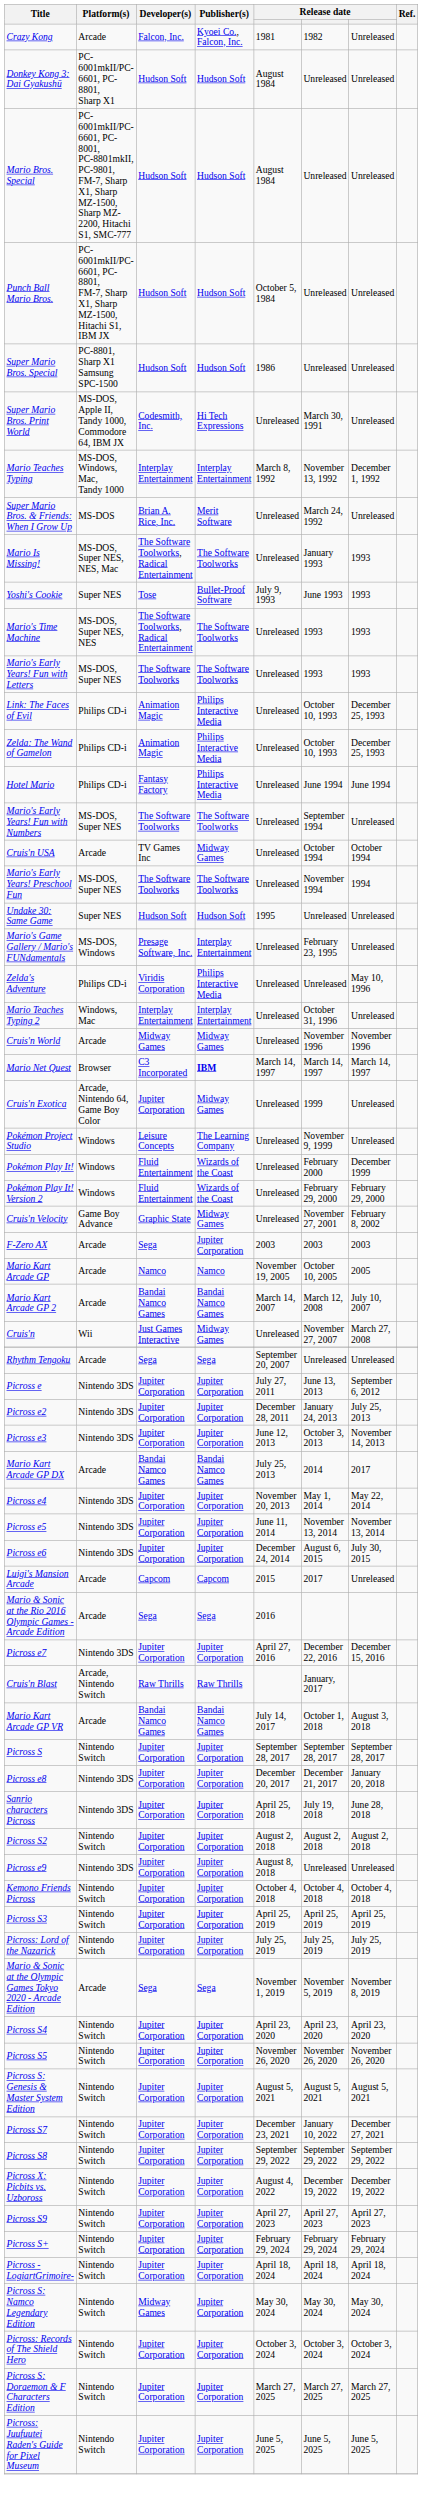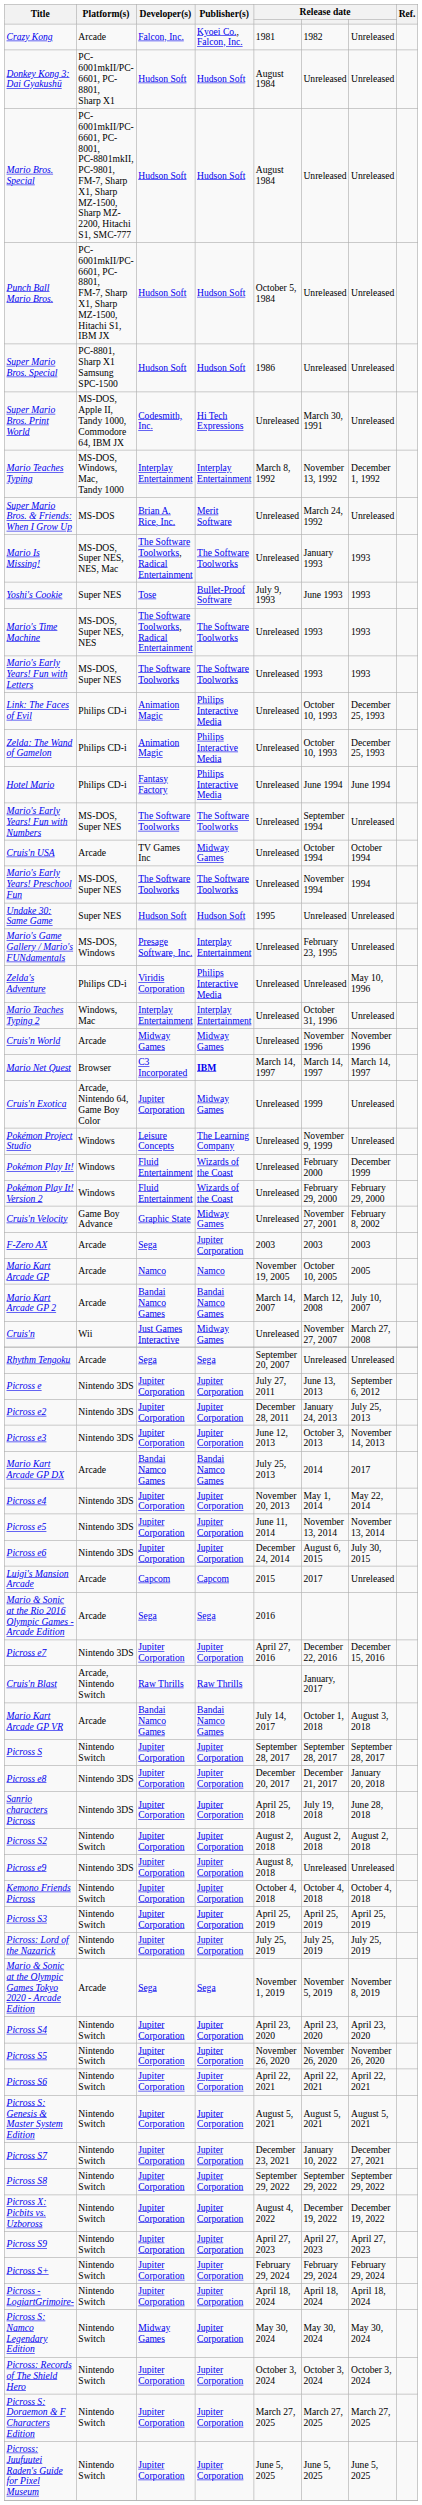 <table class="wikitable plainrowheaders sortable">
 <tr>
 <th rowspan="2">Title</th>
 <th rowspan="2">Platform(s)</th>
 <th rowspan="2">Developer(s)</th>
 <th rowspan="2">Publisher(s)</th>
 <th colspan="3">Release date</th>
 <th rowspan="2" class="unsortable">Ref.</th>
 </tr>
 <tr>
 <th data-sort-type="date"></th>
 <th data-sort-type="date"></th>
 <th data-sort-type="date"></th>
 </tr>
 <tr>
 <td><em><a href='#'>Crazy Kong</a></em></td>
 <td>Arcade</td>
 <td><a href='#'>Falcon, Inc.</a></td>
 <td><a href='#'>Kyoei Co.</a>, <a href='#'>Falcon, Inc.</a></td>
 <td>1981</td>
 <td>1982</td>
 <td>Unreleased</td>
 <td></td>
 </tr>
 <tr>
 <td><em><a href='#'>Donkey Kong 3: Dai Gyakushū</a></em></td>
 <td>PC-6001mkII/PC-6601, PC-8801,<br>Sharp X1</td>
 <td><a href='#'>Hudson Soft</a></td>
 <td><a href='#'>Hudson Soft</a></td>
 <td>August 1984</td>
 <td>Unreleased</td>
 <td>Unreleased</td>
 <td></td>
 </tr>
 <tr>
 <td><em><a href='#'>Mario Bros. Special</a></em></td>
 <td>PC-6001mkII/PC-6601, PC-8001,<br>PC-8801mkII,  PC-9801, FM-7, Sharp X1,  Sharp MZ-1500, Sharp MZ-2200, Hitachi S1, SMC-777</td>
 <td><a href='#'>Hudson Soft</a></td>
 <td><a href='#'>Hudson Soft</a></td>
 <td>August 1984</td>
 <td>Unreleased</td>
 <td>Unreleased</td>
 <td></td>
 </tr>
 <tr>
 <td><em><a href='#'>Punch Ball Mario Bros.</a></em></td>
 <td>PC-6001mkII/PC-6601, PC-8801,<br>FM-7, Sharp X1, Sharp MZ-1500,  Hitachi S1, IBM JX</td>
 <td><a href='#'>Hudson Soft</a></td>
 <td><a href='#'>Hudson Soft</a></td>
 <td>October 5, 1984</td>
 <td>Unreleased</td>
 <td>Unreleased</td>
 <td></td>
 </tr>
 <tr>
 <td><em><a href='#'>Super Mario Bros. Special</a></em></td>
 <td>PC-8801, Sharp X1<br>Samsung SPC-1500</td>
 <td><a href='#'>Hudson Soft</a></td>
 <td><a href='#'>Hudson Soft</a></td>
 <td>1986</td>
 <td>Unreleased</td>
 <td>Unreleased</td>
 <td></td>
 </tr>
 <tr>
 <td><em><a href='#'>Super Mario Bros. Print World</a></em></td>
 <td>MS-DOS, Apple II, Tandy 1000,<br>Commodore 64, IBM JX</td>
 <td><a href='#'>Codesmith, Inc.</a></td>
 <td><a href='#'>Hi Tech Expressions</a></td>
 <td>Unreleased</td>
 <td>March 30, 1991</td>
 <td>Unreleased</td>
 <td></td>
 </tr>
 <tr>
 <td><em><a href='#'>Mario Teaches Typing</a></em></td>
 <td>MS-DOS, Windows, Mac,<br>Tandy 1000</td>
 <td><a href='#'>Interplay Entertainment</a></td>
 <td><a href='#'>Interplay Entertainment</a></td>
 <td>March 8, 1992</td>
 <td>November 13, 1992</td>
 <td>December 1, 1992</td>
 <td></td>
 </tr>
 <tr>
 <td><em><a href='#'>Super Mario Bros. & Friends: When I Grow Up</a></em></td>
 <td>MS-DOS</td>
 <td><a href='#'>Brian A. Rice, Inc.</a></td>
 <td><a href='#'>Merit Software</a></td>
 <td>Unreleased</td>
 <td>March 24, 1992</td>
 <td>Unreleased</td>
 <td></td>
 </tr>
 <tr>
 <td><em><a href='#'>Mario Is Missing!</a></em></td>
 <td>MS-DOS, Super NES, NES, Mac</td>
 <td><a href='#'>The Software Toolworks</a>, <a href='#'>Radical Entertainment</a></td>
 <td><a href='#'>The Software Toolworks</a></td>
 <td>Unreleased</td>
 <td>January 1993</td>
 <td>1993</td>
 <td></td>
 </tr>
 <tr>
 <td><em><a href='#'>Yoshi's Cookie</a></em></td>
 <td>Super NES</td>
 <td><a href='#'>Tose</a></td>
 <td><a href='#'>Bullet-Proof Software</a></td>
 <td>July 9, 1993</td>
 <td>June 1993</td>
 <td>1993</td>
 <td></td>
 </tr>
 <tr>
 <td><em><a href='#'>Mario's Time Machine</a></em></td>
 <td>MS-DOS, Super NES, NES</td>
 <td><a href='#'>The Software Toolworks</a>, <a href='#'>Radical Entertainment</a></td>
 <td><a href='#'>The Software Toolworks</a></td>
 <td>Unreleased</td>
 <td>1993</td>
 <td>1993</td>
 <td></td>
 </tr>
 <tr>
 <td><em><a href='#'>Mario's Early Years! Fun with Letters</a></em></td>
 <td>MS-DOS, Super NES</td>
 <td><a href='#'>The Software Toolworks</a></td>
 <td><a href='#'>The Software Toolworks</a></td>
 <td>Unreleased</td>
 <td>1993</td>
 <td>1993</td>
 <td></td>
 </tr>
 <tr>
 <td><a href='#'><em>Link: The Faces of Evil</em></a></td>
 <td>Philips CD-i</td>
 <td><a href='#'>Animation Magic</a></td>
 <td><a href='#'>Philips Interactive Media</a></td>
 <td>Unreleased</td>
 <td>October 10, 1993</td>
 <td>December 25, 1993</td>
 <td></td>
 </tr>
 <tr>
 <td><a href='#'><em>Zelda: The Wand of Gamelon</em></a></td>
 <td>Philips CD-i</td>
 <td><a href='#'>Animation Magic</a></td>
 <td><a href='#'>Philips Interactive Media</a></td>
 <td>Unreleased</td>
 <td>October 10, 1993</td>
 <td>December 25, 1993</td>
 <td></td>
 </tr>
 <tr>
 <td><em><a href='#'>Hotel Mario</a></em></td>
 <td>Philips CD-i</td>
 <td><a href='#'>Fantasy Factory</a></td>
 <td><a href='#'>Philips Interactive Media</a></td>
 <td>Unreleased</td>
 <td>June 1994</td>
 <td>June 1994</td>
 <td></td>
 </tr>
 <tr>
 <td><em><a href='#'>Mario's Early Years! Fun with Numbers</a></em></td>
 <td>MS-DOS, Super NES</td>
 <td><a href='#'>The Software Toolworks</a></td>
 <td><a href='#'>The Software Toolworks</a></td>
 <td>Unreleased</td>
 <td>September 1994</td>
 <td>Unreleased</td>
 <td></td>
 </tr>
 <tr>
 <td><em><a href='#'>Cruis'n USA</a></em></td>
 <td>Arcade</td>
 <td>TV Games Inc</td>
 <td><a href='#'>Midway Games</a></td>
 <td>Unreleased</td>
 <td>October 1994</td>
 <td>October 1994</td>
 <td></td>
 </tr>
 <tr>
 <td><em><a href='#'>Mario's Early Years! Preschool Fun</a></em></td>
 <td>MS-DOS, Super NES</td>
 <td><a href='#'>The Software Toolworks</a></td>
 <td><a href='#'>The Software Toolworks</a></td>
 <td>Unreleased</td>
 <td>November 1994</td>
 <td>1994</td>
 <td></td>
 </tr>
 <tr>
 <td><em><a href='#'>Undake 30: Same Game</a></em></td>
 <td>Super NES</td>
 <td><a href='#'>Hudson Soft</a></td>
 <td><a href='#'>Hudson Soft</a></td>
 <td>1995</td>
 <td>Unreleased</td>
 <td>Unreleased</td>
 <td></td>
 </tr>
 <tr>
 <td><a href='#'><em>Mario's Game Gallery / Mario's FUNdamentals</em></a></td>
 <td>MS-DOS, Windows</td>
 <td><a href='#'>Presage Software, Inc.</a></td>
 <td><a href='#'>Interplay Entertainment</a></td>
 <td>Unreleased</td>
 <td>February 23, 1995</td>
 <td>Unreleased</td>
 <td></td>
 </tr>
 <tr>
 <td><em><a href='#'>Zelda's Adventure</a></em></td>
 <td>Philips CD-i</td>
 <td><a href='#'>Viridis Corporation</a></td>
 <td><a href='#'>Philips Interactive Media</a></td>
 <td>Unreleased</td>
 <td>Unreleased</td>
 <td>May 10, 1996</td>
 <td></td>
 </tr>
 <tr>
 <td><em><a href='#'>Mario Teaches Typing 2</a></em></td>
 <td>Windows, Mac</td>
 <td><a href='#'>Interplay Entertainment</a></td>
 <td><a href='#'>Interplay Entertainment</a></td>
 <td>Unreleased</td>
 <td>October 31, 1996</td>
 <td>Unreleased</td>
 <td></td>
 </tr>
 <tr>
 <td><em><a href='#'>Cruis'n World</a></em></td>
 <td>Arcade</td>
 <td><a href='#'>Midway Games</a></td>
 <td><a href='#'>Midway Games</a></td>
 <td>Unreleased</td>
 <td>November 1996</td>
 <td>November 1996</td>
 <td></td>
 </tr>
 <tr>
 <td><em><a href='#'>Mario Net Quest</a></em></td>
 <td>Browser</td>
 <td><a href='#'>C3 Incorporated</a></td>
 <td><strong><a href='#'>IBM</a></strong></td>
 <td>March 14, 1997</td>
 <td>March 14, 1997</td>
 <td>March 14, 1997</td>
 <td></td>
 </tr>
 <tr>
 <td><em><a href='#'>Cruis'n Exotica</a></em></td>
 <td>Arcade, Nintendo 64, Game Boy Color</td>
 <td><a href='#'>Jupiter Corporation</a></td>
 <td><a href='#'>Midway Games</a></td>
 <td>Unreleased</td>
 <td>1999</td>
 <td>Unreleased</td>
 <td></td>
 </tr>
 <tr>
 <td><em><a href='#'>Pokémon Project Studio</a></em></td>
 <td>Windows</td>
 <td><a href='#'>Leisure Concepts</a></td>
 <td><a href='#'>The Learning Company</a></td>
 <td>Unreleased</td>
 <td>November 9, 1999</td>
 <td>Unreleased</td>
 <td></td>
 </tr>
 <tr>
 <td><em><a href='#'>Pokémon Play It!</a></em></td>
 <td>Windows</td>
 <td><a href='#'>Fluid Entertainment</a></td>
 <td><a href='#'>Wizards of the Coast</a></td>
 <td>Unreleased</td>
 <td>February 2000</td>
 <td>December 1999</td>
 <td></td>
 </tr>
 <tr>
 <td><a href='#'><em>Pokémon Play It! Version 2</em></a></td>
 <td>Windows</td>
 <td><a href='#'>Fluid Entertainment</a></td>
 <td><a href='#'>Wizards of the Coast</a></td>
 <td>Unreleased</td>
 <td>February 29, 2000</td>
 <td>February 29, 2000</td>
 <td></td>
 </tr>
 <tr>
 <td><em><a href='#'>Cruis'n Velocity</a></em></td>
 <td>Game Boy Advance</td>
 <td><a href='#'>Graphic State</a></td>
 <td><a href='#'>Midway Games</a></td>
 <td>Unreleased</td>
 <td>November 27, 2001</td>
 <td>February 8, 2002</td>
 <td></td>
 </tr>
 <tr>
 <td><em><a href='#'>F-Zero AX</a></em></td>
 <td>Arcade</td>
 <td><a href='#'>Sega</a></td>
 <td><a href='#'>Jupiter Corporation</a></td>
 <td>2003</td>
 <td>2003</td>
 <td>2003</td>
 <td></td>
 </tr>
 <tr>
 <td><em><a href='#'>Mario Kart Arcade GP</a></em></td>
 <td>Arcade</td>
 <td><a href='#'>Namco</a></td>
 <td><a href='#'>Namco</a></td>
 <td>November 19, 2005</td>
 <td>October 10, 2005</td>
 <td>2005</td>
 <td></td>
 </tr>
 <tr>
 <td><a href='#'><em>Mario Kart Arcade GP 2</em></a></td>
 <td>Arcade</td>
 <td><a href='#'>Bandai Namco Games</a></td>
 <td><a href='#'>Bandai Namco Games</a></td>
 <td>March 14, 2007</td>
 <td>March 12, 2008</td>
 <td>July 10, 2007</td>
 <td></td>
 </tr>
 <tr>
 <td><a href='#'><em>Cruis'n</em></a></td>
 <td>Wii</td>
 <td><a href='#'>Just Games Interactive</a></td>
 <td><a href='#'>Midway Games</a></td>
 <td>Unreleased</td>
 <td>November 27, 2007</td>
 <td>March 27, 2008</td>
 <td></td>
 </tr>
 <tr>
 </tr>
 <tr>
 <td><em><a href='#'>Rhythm Tengoku</a></em></td>
 <td>Arcade</td>
 <td><a href='#'>Sega</a></td>
 <td><a href='#'>Sega</a></td>
 <td>September 20, 2007</td>
 <td>Unreleased</td>
 <td>Unreleased</td>
 <td></td>
 </tr>
 <tr>
 <td><em><a href='#'>Picross e</a></em></td>
 <td>Nintendo 3DS</td>
 <td><a href='#'>Jupiter Corporation</a></td>
 <td><a href='#'>Jupiter Corporation</a></td>
 <td>July 27, 2011</td>
 <td>June 13, 2013</td>
 <td>September 6, 2012</td>
 <td></td>
 </tr>
 <tr>
 <td><em><a href='#'>Picross e2</a></em></td>
 <td>Nintendo 3DS</td>
 <td><a href='#'>Jupiter Corporation</a></td>
 <td><a href='#'>Jupiter Corporation</a></td>
 <td>December 28, 2011</td>
 <td>January 24, 2013</td>
 <td>July 25, 2013</td>
 <td></td>
 </tr>
 <tr>
 <td><em><a href='#'>Picross e3</a></em></td>
 <td>Nintendo 3DS</td>
 <td><a href='#'>Jupiter Corporation</a></td>
 <td><a href='#'>Jupiter Corporation</a></td>
 <td>June 12, 2013</td>
 <td>October 3, 2013</td>
 <td>November 14, 2013</td>
 <td></td>
 </tr>
 <tr>
 <td><a href='#'><em>Mario Kart Arcade GP DX</em></a></td>
 <td>Arcade</td>
 <td><a href='#'>Bandai Namco Games</a></td>
 <td><a href='#'>Bandai Namco Games</a></td>
 <td>July 25, 2013</td>
 <td>2014</td>
 <td>2017</td>
 <td></td>
 </tr>
 <tr>
 <td><em><a href='#'>Picross e4</a></em></td>
 <td>Nintendo 3DS</td>
 <td><a href='#'>Jupiter Corporation</a></td>
 <td><a href='#'>Jupiter Corporation</a></td>
 <td>November 20, 2013</td>
 <td>May 1, 2014</td>
 <td>May 22, 2014</td>
 <td></td>
 </tr>
 <tr>
 <td><em><a href='#'>Picross e5</a></em></td>
 <td>Nintendo 3DS</td>
 <td><a href='#'>Jupiter Corporation</a></td>
 <td><a href='#'>Jupiter Corporation</a></td>
 <td>June 11, 2014</td>
 <td>November 13, 2014</td>
 <td>November 13, 2014</td>
 <td></td>
 </tr>
 <tr>
 <td><em><a href='#'>Picross e6</a></em></td>
 <td>Nintendo 3DS</td>
 <td><a href='#'>Jupiter Corporation</a></td>
 <td><a href='#'>Jupiter Corporation</a></td>
 <td>December 24, 2014</td>
 <td>August 6, 2015</td>
 <td>July 30, 2015</td>
 <td></td>
 </tr>
 <tr>
 <td><em><a href='#'>Luigi's Mansion Arcade</a></em></td>
 <td>Arcade</td>
 <td><a href='#'>Capcom</a></td>
 <td><a href='#'>Capcom</a></td>
 <td>2015</td>
 <td>2017</td>
 <td>Unreleased</td>
 <td></td>
 </tr>
 <tr>
 <td><a href='#'><em>Mario & Sonic at the Rio 2016 Olympic Games - Arcade Edition</em></a></td>
 <td>Arcade</td>
 <td><a href='#'>Sega</a></td>
 <td><a href='#'>Sega</a></td>
 <td>2016</td>
 <td></td>
 <td></td>
 <td></td>
 </tr>
 <tr>
 <td><em><a href='#'>Picross e7</a></em></td>
 <td>Nintendo 3DS</td>
 <td><a href='#'>Jupiter Corporation</a></td>
 <td><a href='#'>Jupiter Corporation</a></td>
 <td>April 27, 2016</td>
 <td>December 22, 2016</td>
 <td>December 15, 2016</td>
 <td></td>
 </tr>
 <tr>
 <td><em><a href='#'>Cruis'n Blast</a></em></td>
 <td>Arcade, Nintendo Switch</td>
 <td><a href='#'>Raw Thrills</a></td>
 <td><a href='#'>Raw Thrills</a></td>
 <td></td>
 <td>January, 2017</td>
 <td></td>
 <td></td>
 </tr>
 <tr>
 <td><a href='#'><em>Mario Kart Arcade GP VR</em></a></td>
 <td>Arcade</td>
 <td><a href='#'>Bandai Namco Games</a></td>
 <td><a href='#'>Bandai Namco Games</a></td>
 <td>July 14, 2017</td>
 <td>October 1, 2018</td>
 <td>August 3, 2018</td>
 <td></td>
 </tr>
 <tr>
 <td><em><a href='#'>Picross S</a></em></td>
 <td>Nintendo Switch</td>
 <td><a href='#'>Jupiter Corporation</a></td>
 <td><a href='#'>Jupiter Corporation</a></td>
 <td>September 28, 2017</td>
 <td>September 28, 2017</td>
 <td>September 28, 2017</td>
 <td></td>
 </tr>
 <tr>
 <td><em><a href='#'>Picross e8</a></em></td>
 <td>Nintendo 3DS</td>
 <td><a href='#'>Jupiter Corporation</a></td>
 <td><a href='#'>Jupiter Corporation</a></td>
 <td>December 20, 2017</td>
 <td>December 21, 2017</td>
 <td>January 20, 2018</td>
 <td></td>
 </tr>
 <tr>
 <td><em><a href='#'>Sanrio characters Picross</a></em></td>
 <td>Nintendo 3DS</td>
 <td><a href='#'>Jupiter Corporation</a></td>
 <td><a href='#'>Jupiter Corporation</a></td>
 <td>April 25, 2018</td>
 <td>July 19, 2018</td>
 <td>June 28, 2018</td>
 <td></td>
 </tr>
 <tr>
 <td><em><a href='#'>Picross S2</a></em></td>
 <td>Nintendo Switch</td>
 <td><a href='#'>Jupiter Corporation</a></td>
 <td><a href='#'>Jupiter Corporation</a></td>
 <td>August 2, 2018</td>
 <td>August 2, 2018</td>
 <td>August 2, 2018</td>
 <td></td>
 </tr>
 <tr>
 <td><em><a href='#'>Picross e9</a></em></td>
 <td>Nintendo 3DS</td>
 <td><a href='#'>Jupiter Corporation</a></td>
 <td><a href='#'>Jupiter Corporation</a></td>
 <td>August 8, 2018</td>
 <td>Unreleased</td>
 <td>Unreleased</td>
 <td></td>
 </tr>
 <tr>
 <td><em><a href='#'>Kemono Friends Picross</a></em></td>
 <td>Nintendo Switch</td>
 <td><a href='#'>Jupiter Corporation</a></td>
 <td><a href='#'>Jupiter Corporation</a></td>
 <td>October 4, 2018</td>
 <td>October 4, 2018</td>
 <td>October 4, 2018</td>
 <td></td>
 </tr>
 <tr>
 <td><em><a href='#'>Picross S3</a></em></td>
 <td>Nintendo Switch</td>
 <td><a href='#'>Jupiter Corporation</a></td>
 <td><a href='#'>Jupiter Corporation</a></td>
 <td>April 25, 2019</td>
 <td>April 25, 2019</td>
 <td>April 25, 2019</td>
 <td></td>
 </tr>
 <tr>
 <td><em><a href='#'>Picross: Lord of the Nazarick</a></em></td>
 <td>Nintendo Switch</td>
 <td><a href='#'>Jupiter Corporation</a></td>
 <td><a href='#'>Jupiter Corporation</a></td>
 <td>July 25, 2019</td>
 <td>July 25, 2019</td>
 <td>July 25, 2019</td>
 <td></td>
 </tr>
 <tr>
 <td><a href='#'><em>Mario & Sonic at the Olympic Games Tokyo 2020 - Arcade Edition</em></a></td>
 <td>Arcade</td>
 <td><a href='#'>Sega</a></td>
 <td><a href='#'>Sega</a></td>
 <td>November 1, 2019</td>
 <td>November 5, 2019</td>
 <td>November 8, 2019</td>
 <td></td>
 </tr>
 <tr>
 <td><em><a href='#'>Picross S4</a></em></td>
 <td>Nintendo Switch</td>
 <td><a href='#'>Jupiter Corporation</a></td>
 <td><a href='#'>Jupiter Corporation</a></td>
 <td>April 23, 2020</td>
 <td>April 23, 2020</td>
 <td>April 23, 2020</td>
 <td></td>
 </tr>
 <tr>
 <td><em><a href='#'>Picross S5</a></em></td>
 <td>Nintendo Switch</td>
 <td><a href='#'>Jupiter Corporation</a></td>
 <td><a href='#'>Jupiter Corporation</a></td>
 <td>November 26, 2020</td>
 <td>November 26, 2020</td>
 <td>November 26, 2020</td>
 <td></td>
 </tr>
 <tr>
+<td><em><a href='#'>Picross S6</a></em></td>
+<td>Nintendo Switch</td>
+<td><a href='#'>Jupiter Corporation</a></td>
+<td><a href='#'>Jupiter Corporation</a></td>
+<td>April 22, 2021</td>
+<td>April 22, 2021</td>
+<td>April 22, 2021</td>
+<td></td>
+</tr>
+<tr>
 <td><em><a href='#'>Picross S: Genesis & Master System Edition</a></em></td>
 <td>Nintendo Switch</td>
 <td><a href='#'>Jupiter Corporation</a></td>
 <td><a href='#'>Jupiter Corporation</a></td>
 <td>August 5, 2021</td>
 <td>August 5, 2021</td>
 <td>August 5, 2021</td>
 <td></td>
 </tr>
 <tr>
 <td><em><a href='#'>Picross S7</a></em></td>
 <td>Nintendo Switch</td>
 <td><a href='#'>Jupiter Corporation</a></td>
 <td><a href='#'>Jupiter Corporation</a></td>
 <td>December 23, 2021</td>
 <td>January 10, 2022</td>
 <td>December 27, 2021</td>
 <td></td>
 </tr>
 <tr>
 <td><em><a href='#'>Picross S8</a></em></td>
 <td>Nintendo Switch</td>
 <td><a href='#'>Jupiter Corporation</a></td>
 <td><a href='#'>Jupiter Corporation</a></td>
 <td>September 29, 2022</td>
 <td>September 29, 2022</td>
 <td>September 29, 2022</td>
 <td></td>
 </tr>
 <tr>
 <td><em><a href='#'>Picross X: Picbits vs. Uzboross</a></em></td>
 <td>Nintendo Switch</td>
 <td><a href='#'>Jupiter Corporation</a></td>
 <td><a href='#'>Jupiter Corporation</a></td>
 <td>August 4, 2022</td>
 <td>December 19, 2022</td>
 <td>December 19, 2022</td>
 <td></td>
 </tr>
 <tr>
 <td><em><a href='#'>Picross S9</a></em></td>
 <td>Nintendo Switch</td>
 <td><a href='#'>Jupiter Corporation</a></td>
 <td><a href='#'>Jupiter Corporation</a></td>
 <td>April 27, 2023</td>
 <td>April 27, 2023</td>
 <td>April 27, 2023</td>
 <td></td>
 </tr>
 <tr>
 <td><em><a href='#'>Picross S+</a></em></td>
 <td>Nintendo Switch</td>
 <td><a href='#'>Jupiter Corporation</a></td>
 <td><a href='#'>Jupiter Corporation</a></td>
 <td>February 29, 2024</td>
 <td>February 29, 2024</td>
 <td>February 29, 2024</td>
 <td></td>
 </tr>
 <tr>
 <td><em><a href='#'>Picross -LogiartGrimoire-</a></em></td>
 <td>Nintendo Switch</td>
 <td><a href='#'>Jupiter Corporation</a></td>
 <td><a href='#'>Jupiter Corporation</a></td>
 <td>April 18, 2024</td>
 <td>April 18, 2024</td>
 <td>April 18, 2024</td>
 <td></td>
 </tr>
 <tr>
 <td><em><a href='#'>Picross S: Namco Legendary Edition</a></em></td>
 <td>Nintendo Switch</td>
 <td><a href='#'>Midway Games</a></td>
 <td><a href='#'>Jupiter Corporation</a></td>
 <td>May 30, 2024</td>
 <td>May 30, 2024</td>
 <td>May 30, 2024</td>
 <td></td>
 </tr>
 <tr>
 <td><em><a href='#'>Picross: Records of The Shield Hero</a></em></td>
 <td>Nintendo Switch</td>
 <td><a href='#'>Jupiter Corporation</a></td>
 <td><a href='#'>Jupiter Corporation</a></td>
 <td>October 3, 2024</td>
 <td>October 3, 2024</td>
 <td>October 3, 2024</td>
 <td></td>
 </tr>
 <tr>
 <td><em><a href='#'>Picross S: Doraemon & F Characters Edition</a></em></td>
 <td>Nintendo Switch</td>
 <td><a href='#'>Jupiter Corporation</a></td>
 <td><a href='#'>Jupiter Corporation</a></td>
 <td>March 27, 2025</td>
 <td>March 27, 2025</td>
 <td>March 27, 2025</td>
 <td></td>
 </tr>
 <tr>
 <td><em><a href='#'>Picross: Juufuutei Raden's Guide for Pixel Museum</a></em></td>
 <td>Nintendo Switch</td>
 <td><a href='#'>Jupiter Corporation</a></td>
 <td><a href='#'>Jupiter Corporation</a></td>
 <td>June 5, 2025</td>
 <td>June 5, 2025</td>
 <td>June 5, 2025</td>
 <td></td>
 </tr>
 <tr>
 </tr>
 </table>
